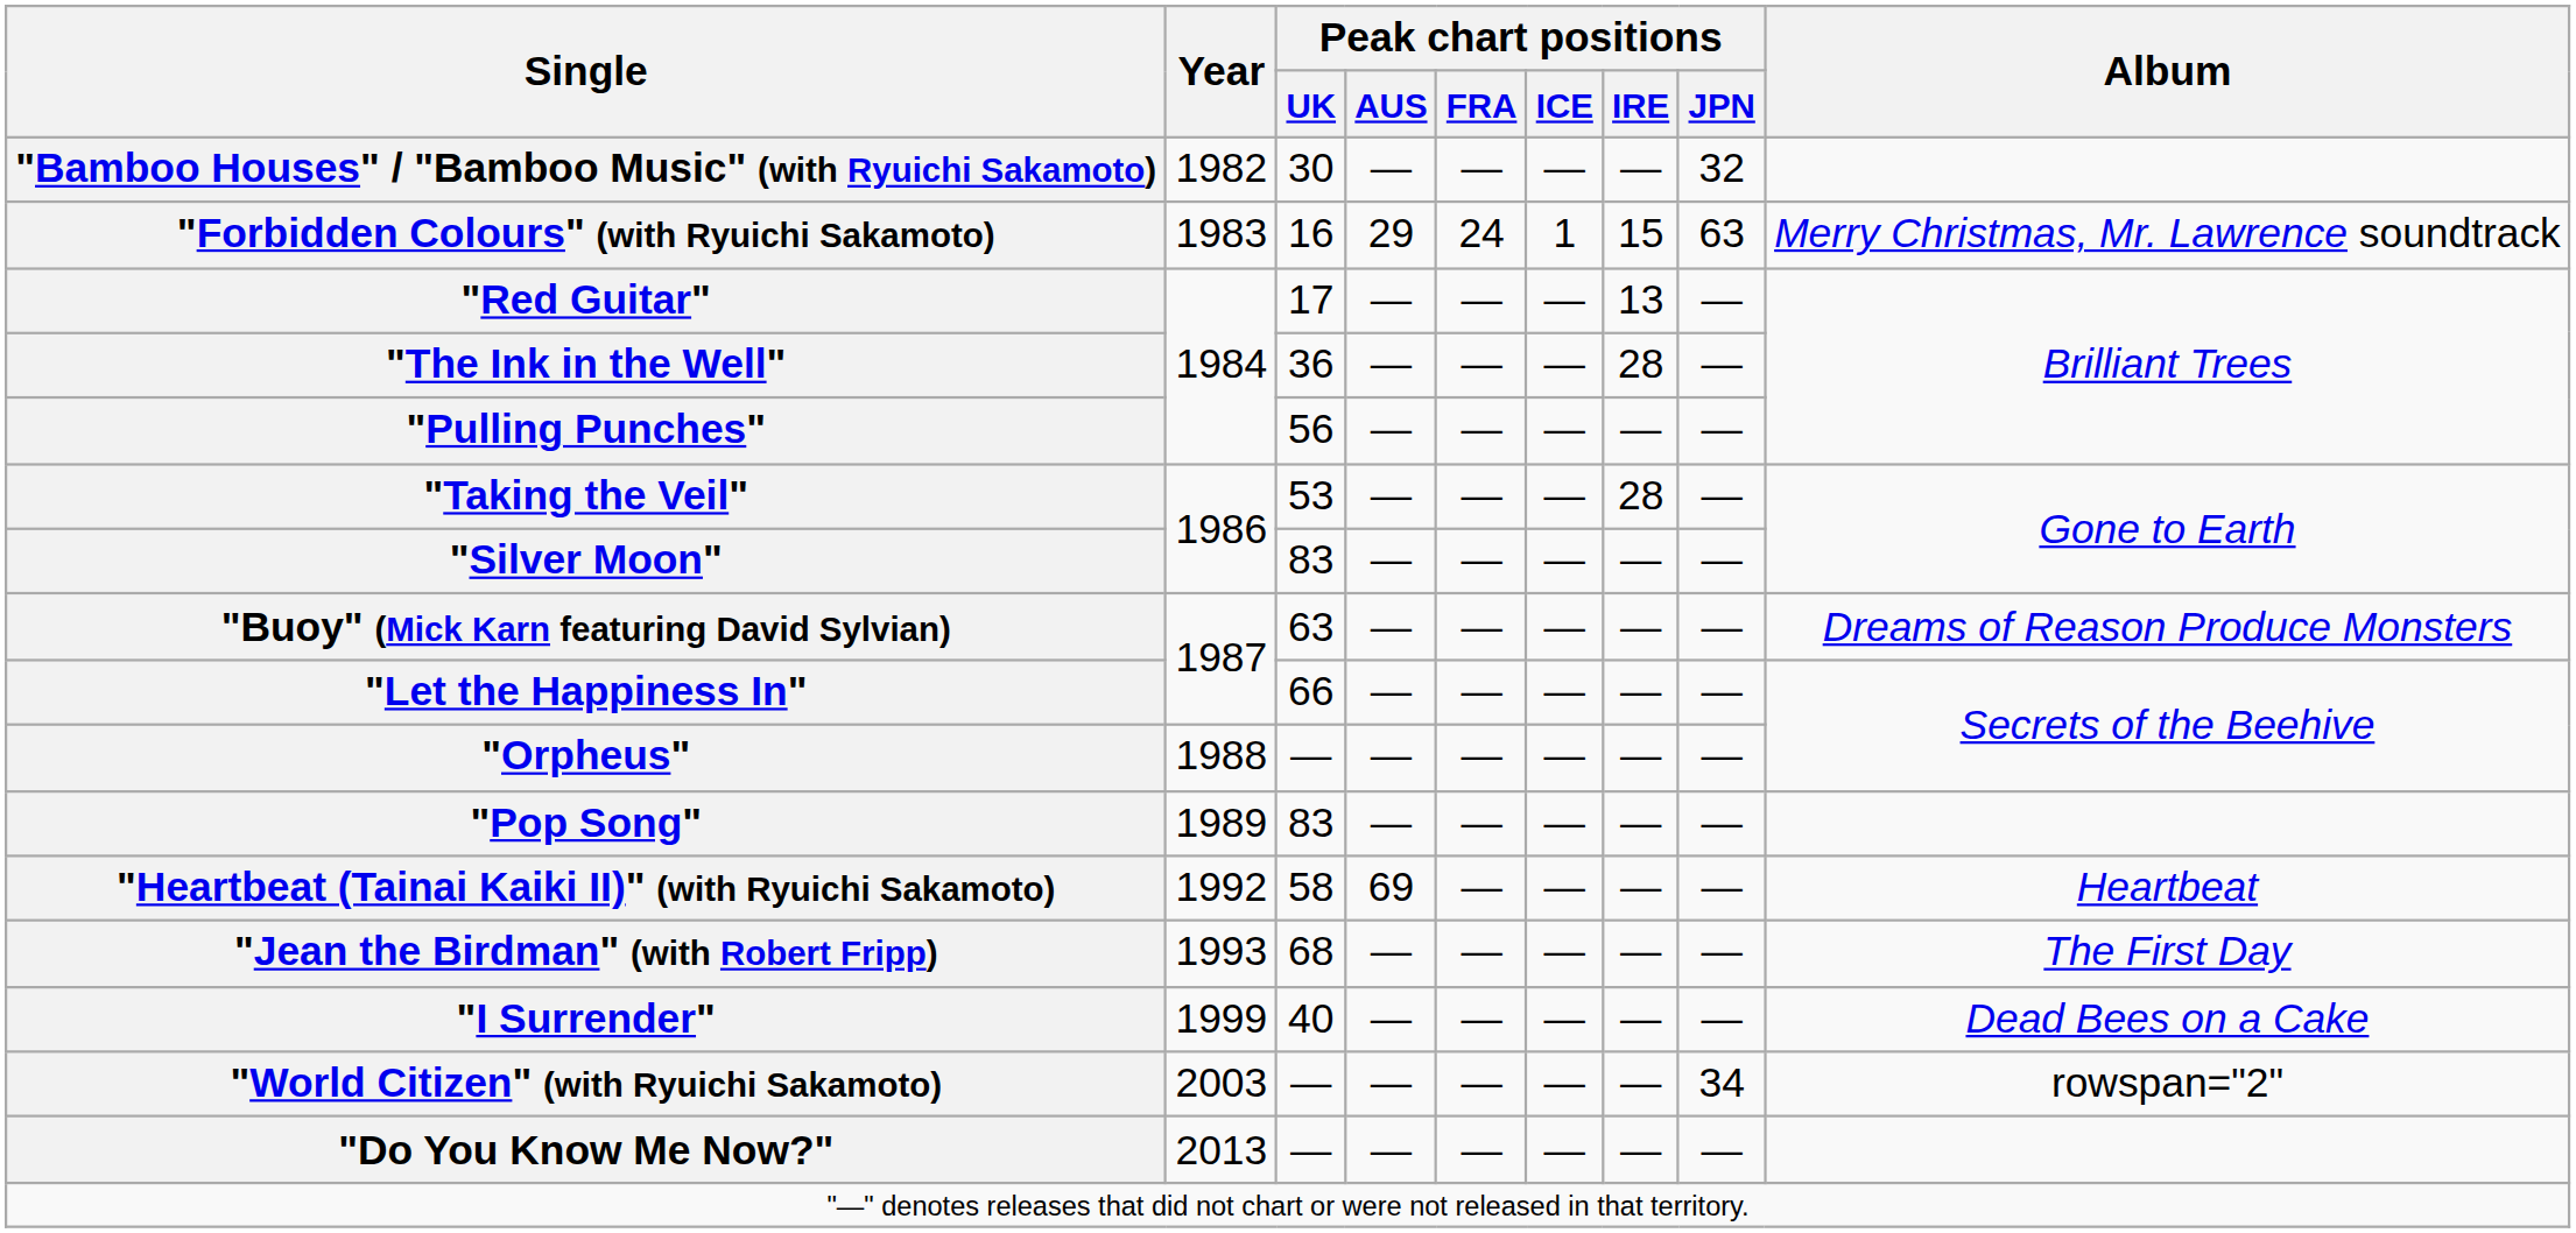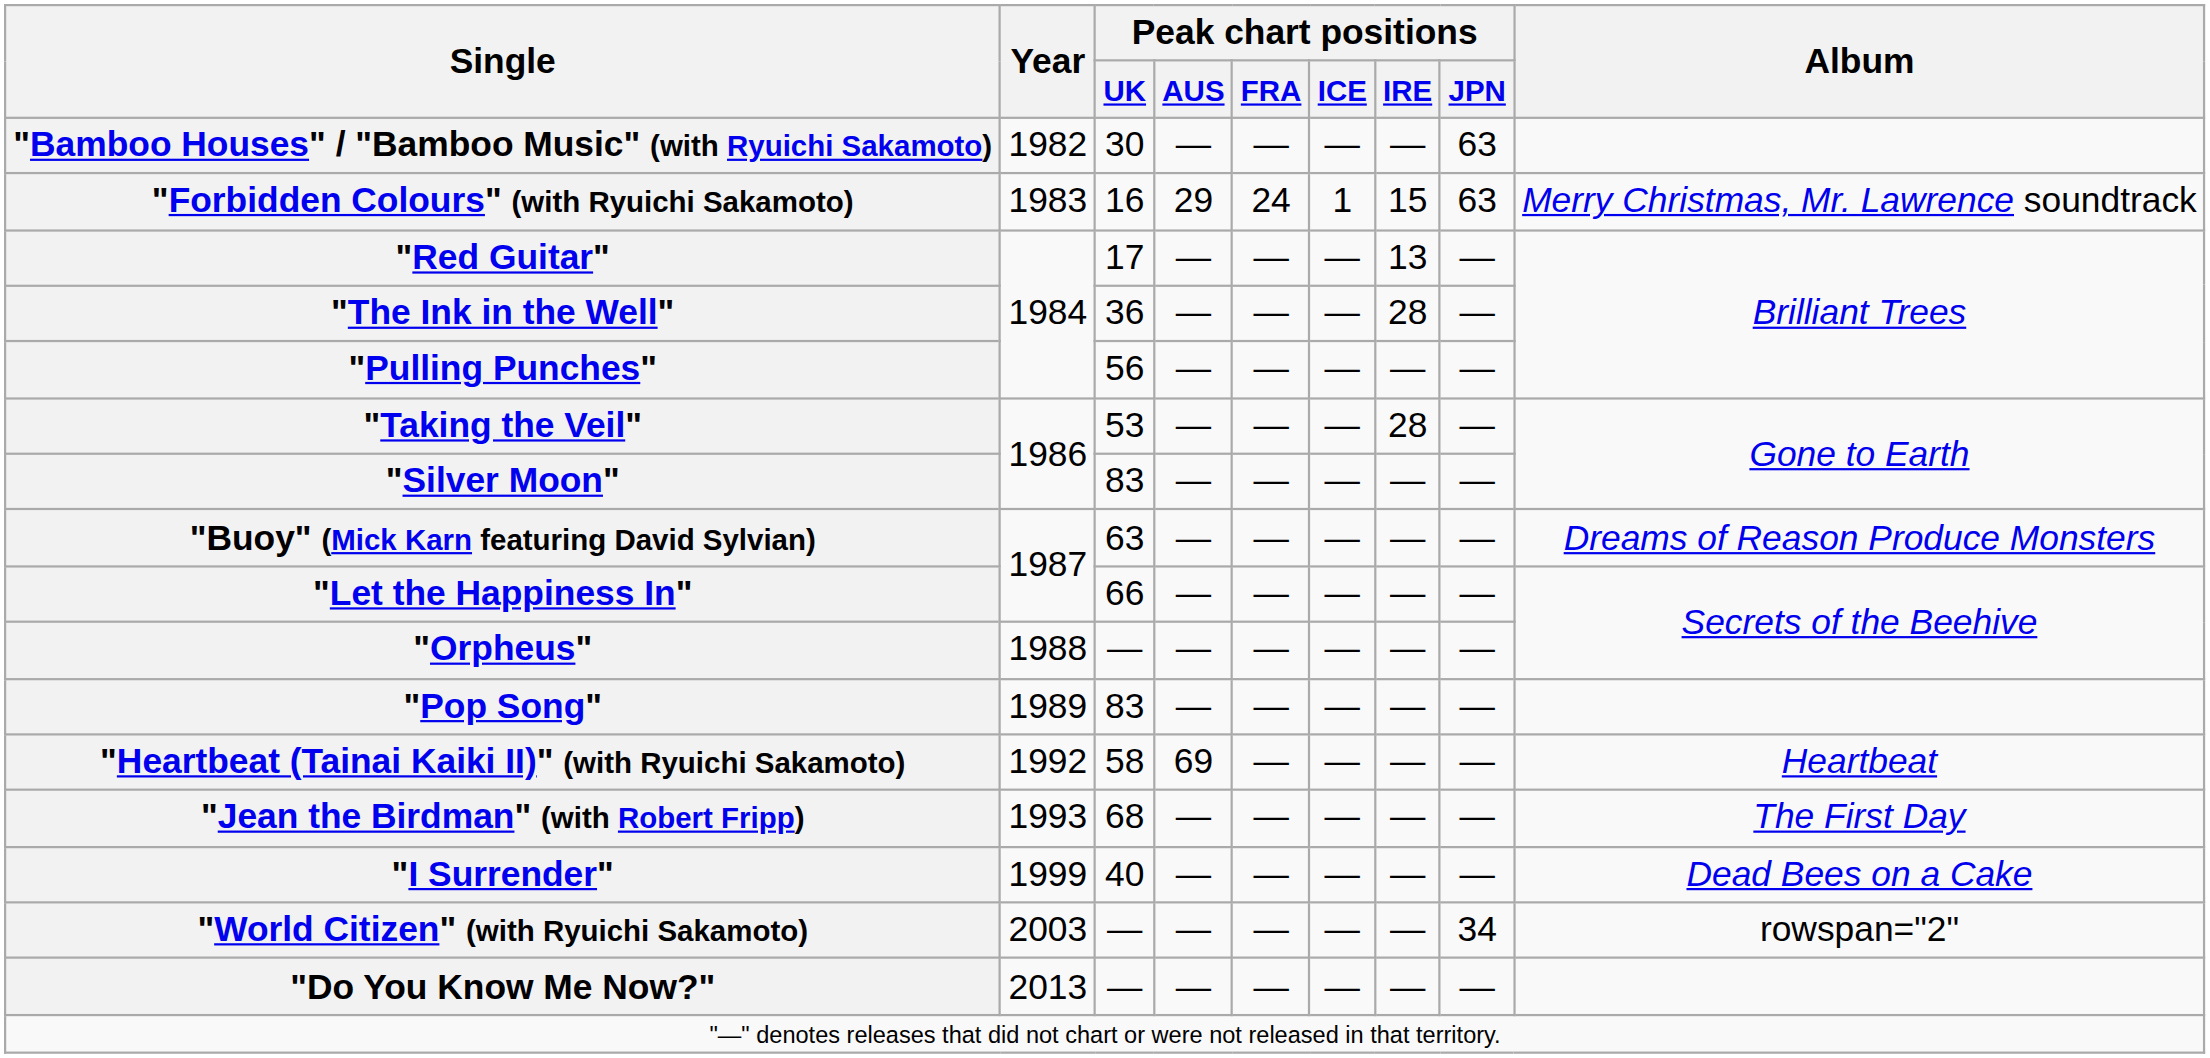 <table class="wikitable plainrowheaders" style="text-align:center;">
 <tr>
 <th rowspan="2">Single</th>
 <th rowspan="2">Year</th>
 <th colspan="6">Peak chart positions</th>
 <th rowspan="2">Album</th>
 </tr>
 <tr>
 <th scope="col"><small><a href='#'>UK</a></small><br></th>
 <th scope="col"><small><a href='#'>AUS</a></small><br></th>
 <th scope="col"><small><a href='#'>FRA</a></small><br></th>
 <th scope="col"><small><a href='#'>ICE</a></small><br></th>
 <th scope="col"><small><a href='#'>IRE</a></small><br></th>
 <th scope="col"><small><a href='#'>JPN</a><br></small></th>
 </tr>
 <tr>
 <th scope="row">"<a href='#'>Bamboo Houses</a>" / "Bamboo Music" <small>(with <a href='#'>Ryuichi Sakamoto</a>)</small></th>
 <td>1982</td>
 <td>30</td>
 <td>—</td>
 <td>—</td>
 <td>—</td>
 <td>—</td>
-<td>32</td>
+<td>63</td>
 <td></td>
 </tr>
 <tr>
 <th scope="row">"<a href='#'>Forbidden Colours</a>" <small>(with Ryuichi Sakamoto)</small></th>
 <td>1983</td>
 <td>16</td>
 <td>29</td>
 <td>24</td>
 <td>1</td>
 <td>15</td>
 <td>63</td>
 <td><em><a href='#'>Merry Christmas, Mr. Lawrence</a></em> soundtrack</td>
 </tr>
 <tr>
 <th scope="row">"<a href='#'>Red Guitar</a>"</th>
 <td rowspan="3">1984</td>
 <td>17</td>
 <td>—</td>
 <td>—</td>
 <td>—</td>
 <td>13</td>
 <td>—</td>
 <td rowspan="3"><em><a href='#'>Brilliant Trees</a></em></td>
 </tr>
 <tr>
 <th scope="row">"<a href='#'>The Ink in the Well</a>"</th>
 <td>36</td>
 <td>—</td>
 <td>—</td>
 <td>—</td>
 <td>28</td>
 <td>—</td>
 </tr>
 <tr>
 <th scope="row">"<a href='#'>Pulling Punches</a>"</th>
 <td>56</td>
 <td>—</td>
 <td>—</td>
 <td>—</td>
 <td>—</td>
 <td>—</td>
 </tr>
 <tr>
 <th scope="row">"<a href='#'>Taking the Veil</a>"</th>
 <td rowspan="2">1986</td>
 <td>53</td>
 <td>—</td>
 <td>—</td>
 <td>—</td>
 <td>28</td>
 <td>—</td>
 <td rowspan="2"><em><a href='#'>Gone to Earth</a></em></td>
 </tr>
 <tr>
 <th scope="row">"<a href='#'>Silver Moon</a>"</th>
 <td>83</td>
 <td>—</td>
 <td>—</td>
 <td>—</td>
 <td>—</td>
 <td>—</td>
 </tr>
 <tr>
 <th scope="row">"Buoy" <small>(<a href='#'>Mick Karn</a> featuring David Sylvian)</small></th>
 <td rowspan="2">1987</td>
 <td>63</td>
 <td>—</td>
 <td>—</td>
 <td>—</td>
 <td>—</td>
 <td>—</td>
 <td><em><a href='#'>Dreams of Reason Produce Monsters</a></em></td>
 </tr>
 <tr>
 <th scope="row">"<a href='#'>Let the Happiness In</a>"</th>
 <td>66</td>
 <td>—</td>
 <td>—</td>
 <td>—</td>
 <td>—</td>
 <td>—</td>
 <td rowspan="2"><em><a href='#'>Secrets of the Beehive</a></em></td>
 </tr>
 <tr>
 <th scope="row">"<a href='#'>Orpheus</a>"</th>
 <td>1988</td>
 <td>—</td>
 <td>—</td>
 <td>—</td>
 <td>—</td>
 <td>—</td>
 <td>—</td>
 </tr>
 <tr>
 <th scope="row">"<a href='#'>Pop Song</a>"</th>
 <td>1989</td>
 <td>83</td>
 <td>—</td>
 <td>—</td>
 <td>—</td>
 <td>—</td>
 <td>—</td>
 <td></td>
 </tr>
 <tr>
 <th scope="row">"<a href='#'>Heartbeat (Tainai Kaiki II)</a>" <small>(with Ryuichi Sakamoto)</small></th>
 <td>1992</td>
 <td>58</td>
 <td>69</td>
 <td>—</td>
 <td>—</td>
 <td>—</td>
 <td>—</td>
 <td><em><a href='#'>Heartbeat</a></em></td>
 </tr>
 <tr>
 <th scope="row">"<a href='#'>Jean the Birdman</a>" <small>(with <a href='#'>Robert Fripp</a>)</small></th>
 <td>1993</td>
 <td>68</td>
 <td>—</td>
 <td>—</td>
 <td>—</td>
 <td>—</td>
 <td>—</td>
 <td><em><a href='#'>The First Day</a></em></td>
 </tr>
 <tr>
 <th scope="row">"<a href='#'>I Surrender</a>"</th>
 <td>1999</td>
 <td>40</td>
 <td>—</td>
 <td>—</td>
 <td>—</td>
 <td>—</td>
 <td>—</td>
 <td><em><a href='#'>Dead Bees on a Cake</a></em></td>
 </tr>
 <tr>
 <th scope="row">"<a href='#'>World Citizen</a>" <small>(with Ryuichi Sakamoto)</small></th>
 <td>2003</td>
 <td>—</td>
 <td>—</td>
 <td>—</td>
 <td>—</td>
 <td>—</td>
 <td>34</td>
 <td>rowspan="2" </td>
 </tr>
 <tr>
 <th scope="row">"Do You Know Me Now?"</th>
 <td>2013</td>
 <td>—</td>
 <td>—</td>
 <td>—</td>
 <td>—</td>
 <td>—</td>
 <td>—</td>
 </tr>
 <tr>
 <td colspan="9" style="font-size:8pt">"—" denotes releases that did not chart or were not released in that territory.</td>
 </tr>
 </table>
